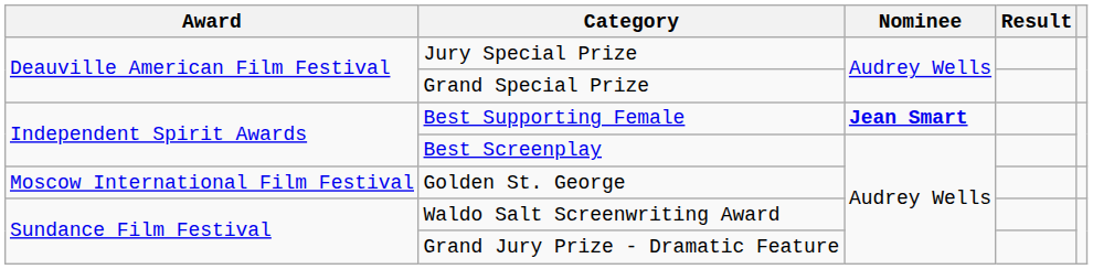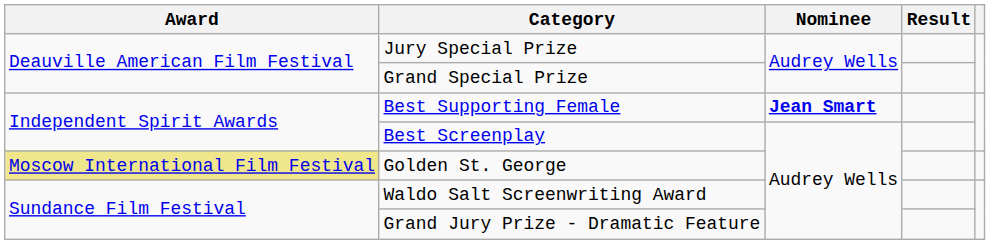 <table class="wikitable sortable">
 <tr>
 <th>Award</th>
 <th>Category</th>
 <th>Nominee</th>
 <th>Result</th>
 <th></th>
 </tr>
 <tr>
 <td rowspan="2"><a href='#'>Deauville American Film Festival</a></td>
 <td>Jury Special Prize</td>
 <td rowspan="2"><a href='#'>Audrey Wells</a></td>
 <td></td>
 <td rowspan="2" align="center"></td>
 </tr>
 <tr>
 <td>Grand Special Prize</td>
 <td></td>
 </tr>
 <tr>
 <td rowspan="2"><a href='#'>Independent Spirit Awards</a></td>
 <td><a href='#'>Best Supporting Female</a></td>
 <td><strong><a href='#'>Jean Smart</a></strong></td>
 <td></td>
 <td rowspan="2" align="center"></td>
 </tr>
 <tr>
 <td><a href='#'>Best Screenplay</a></td>
 <td rowspan="4">Audrey Wells</td>
 <td></td>
 </tr>
 <tr>
-<td><a href='#'>Moscow International Film Festival</a></td>
+<td style="background: khaki;"><a href='#'>Moscow International Film Festival</a></td>
 <td>Golden St. George</td>
 <td></td>
 <td align="center"></td>
 </tr>
 <tr>
 <td rowspan="2"><a href='#'>Sundance Film Festival</a></td>
 <td>Waldo Salt Screenwriting Award</td>
 <td></td>
 <td rowspan="2" align="center"></td>
 </tr>
 <tr>
 <td>Grand Jury Prize - Dramatic Feature</td>
 <td></td>
 </tr>
 </table>
